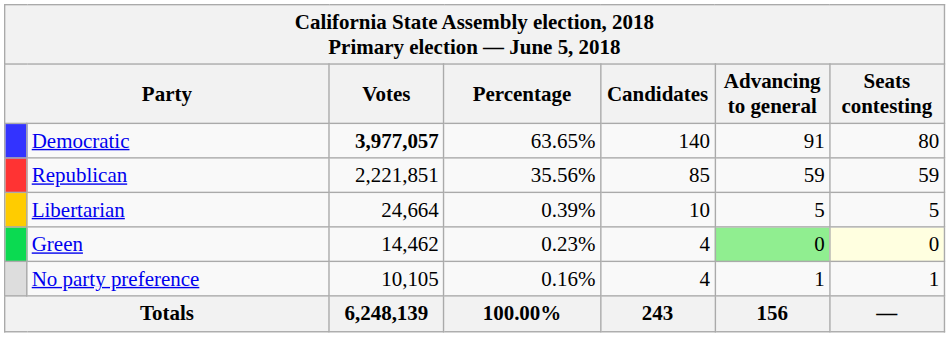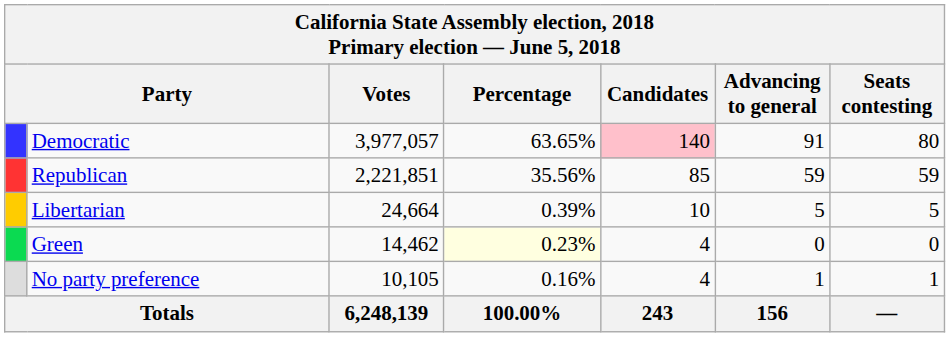 <table class="wikitable" style="font-size:95%;">
 <tr>
 <th colspan="7">California State Assembly election, 2018<br>Primary election — June 5, 2018</th>
 </tr>
 <tr>
 <th colspan=2 style="width: 15em">Party</th>
 <th style="width: 5em">Votes</th>
 <th style="width: 7em">Percentage</th>
 <th style="width: 5em">Candidates</th>
 <th style="width: 5em">Advancing to general</th>
 <th style="width: 5em">Seats contesting</th>
 </tr>
 <tr>
 <th style="background-color:#33F; width: 3px"></th>
 <td style="width: 130px"><a href='#'>Democratic</a></td>
-<td align="right"><strong>3,977,057</strong></td>
+<td align="right">3,977,057</td>
 <td align="right">63.65%</td>
-<td align="right">140</td>
+<td align="right" style="background: pink;">140</td>
 <td align="right">91</td>
 <td align="right">80</td>
 </tr>
 <tr>
 <th style="background-color:#F33; width: 3px"></th>
 <td style="width: 130px"><a href='#'>Republican</a></td>
 <td align="right">2,221,851</td>
 <td align="right">35.56%</td>
 <td align="right">85</td>
 <td align="right">59</td>
 <td align="right">59</td>
 </tr>
 <tr>
 <th style="background-color:#FC0; width: 3px"></th>
 <td style="width: 130px"><a href='#'>Libertarian</a></td>
 <td align="right">24,664</td>
 <td align="right">0.39%</td>
 <td align="right">10</td>
 <td align="right">5</td>
 <td align="right">5</td>
 </tr>
 <tr>
 <th style="background-color:#0BDA51; width: 3px"></th>
 <td style="width: 130px"><a href='#'>Green</a></td>
 <td align="right">14,462</td>
-<td align="right">0.23%</td>
+<td align="right" style="background: lightyellow;">0.23%</td>
 <td align="right">4</td>
-<td align="right" style="background: lightgreen;">0</td>
-<td align="right" style="background: lightyellow;">0</td>
+<td align="right">0</td>
+<td align="right">0</td>
 </tr>
 <tr>
 <th style="background-color:#DDD; width: 3px"></th>
 <td style="width: 130px"><a href='#'>No party preference</a></td>
 <td align="right">10,105</td>
 <td align="right">0.16%</td>
 <td align="right">4</td>
 <td align="right">1</td>
 <td align="right">1</td>
 </tr>
 <tr bgcolor="#EEEEEE">
 <th colspan="2" align="right">Totals</th>
 <th align="right">6,248,139</th>
 <th align="right">100.00%</th>
 <th align="right">243</th>
 <th align="right">156</th>
 <th align="right">—</th>
 </tr>
 </table>
